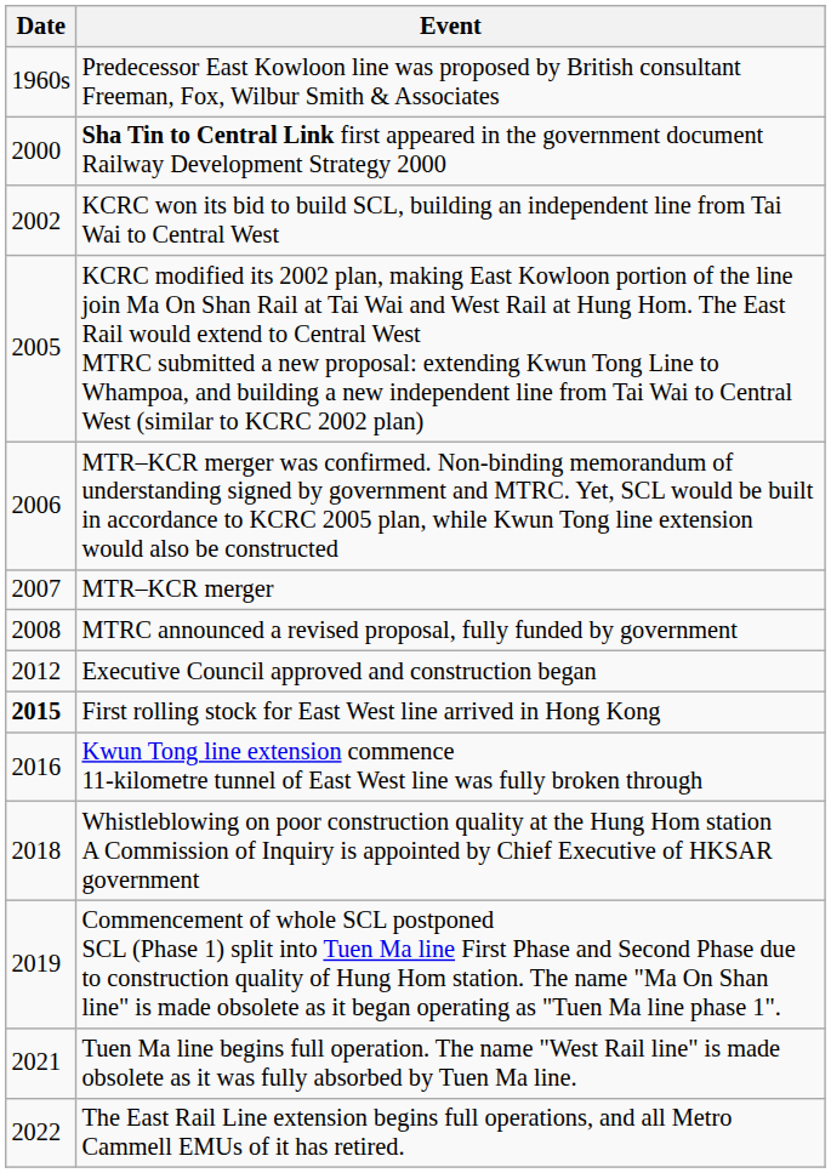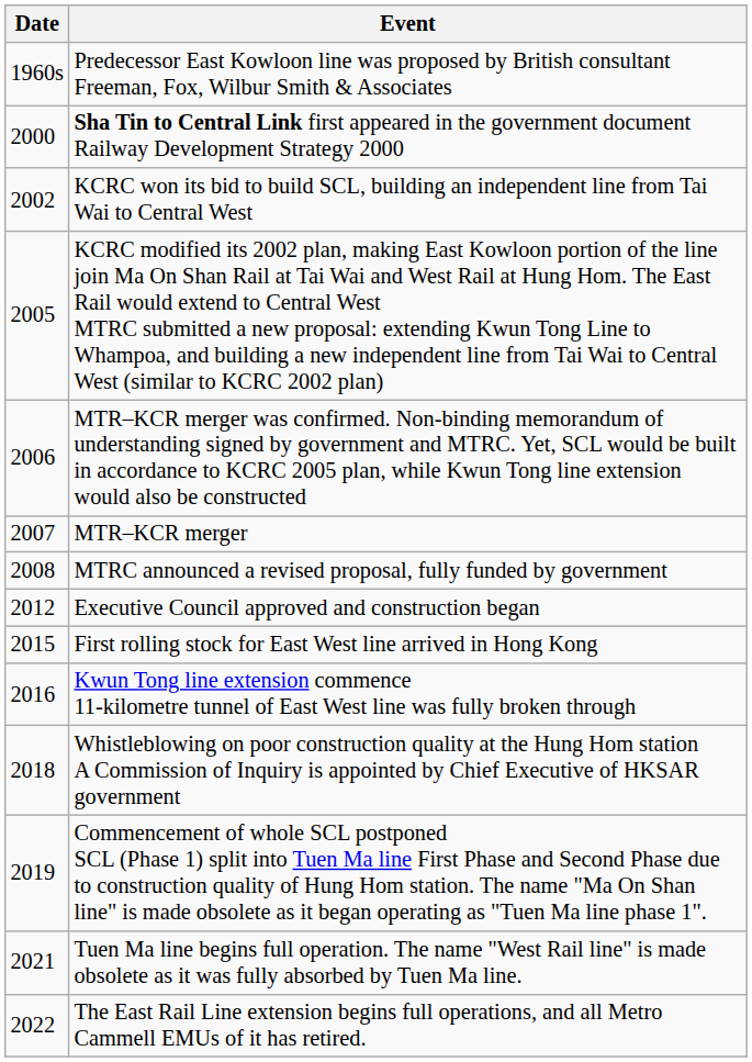 <table class="wikitable floatright" style="font-size: 90%;width:480px">
 <tr>
 <th>Date</th>
 <th>Event</th>
 </tr>
 <tr>
 <td>1960s</td>
 <td>Predecessor East Kowloon line was proposed by British consultant Freeman, Fox, Wilbur Smith & Associates</td>
 </tr>
 <tr>
 <td>2000</td>
 <td><strong>Sha Tin to Central Link</strong> first appeared in the government document Railway Development Strategy 2000</td>
 </tr>
 <tr>
 <td>2002</td>
 <td>KCRC won its bid to build SCL, building an independent line from Tai Wai to Central West</td>
 </tr>
 <tr>
 <td>2005</td>
 <td>KCRC modified its 2002 plan, making East Kowloon portion of the line join Ma On Shan Rail at Tai Wai and West Rail at Hung Hom. The East Rail would extend to Central West<br> MTRC submitted a new proposal: extending Kwun Tong Line to Whampoa, and building a new independent line from Tai Wai to Central West (similar to KCRC 2002 plan)</td>
 </tr>
 <tr>
 <td>2006</td>
 <td>MTR–KCR merger was confirmed. Non-binding memorandum of understanding signed by government and MTRC. Yet, SCL would be built in accordance to KCRC 2005 plan, while Kwun Tong line extension would also be constructed</td>
 </tr>
 <tr>
 <td>2007</td>
 <td>MTR–KCR merger</td>
 </tr>
 <tr>
 <td>2008</td>
 <td>MTRC announced a revised proposal, fully funded by government</td>
 </tr>
 <tr>
 <td>2012</td>
 <td>Executive Council approved and construction began</td>
 </tr>
 <tr>
-<td><strong>2015</strong></td>
+<td>2015</td>
 <td>First rolling stock for East West line arrived in Hong Kong</td>
 </tr>
 <tr>
 <td>2016</td>
 <td><a href='#'>Kwun Tong line extension</a> commence<br> 11-kilometre tunnel of East West line was fully broken through</td>
 </tr>
 <tr>
 <td>2018</td>
 <td>Whistleblowing on poor construction quality at the Hung Hom station<br>A Commission of Inquiry is appointed by Chief Executive of HKSAR government</td>
 </tr>
 <tr>
 <td>2019</td>
 <td>Commencement of whole SCL postponed<br>SCL (Phase 1) split into <a href='#'>Tuen Ma line</a> First Phase and Second Phase due to construction quality of Hung Hom station. The name "Ma On Shan line" is made obsolete as it began operating as "Tuen Ma line phase 1".</td>
 </tr>
 <tr>
 <td>2021</td>
 <td>Tuen Ma line begins full operation. The name "West Rail line" is made obsolete as it was fully absorbed by Tuen Ma line.</td>
 </tr>
 <tr>
 <td>2022</td>
 <td>The East Rail Line extension begins full operations, and all Metro Cammell EMUs of it has retired.</td>
 </tr>
 </table>
